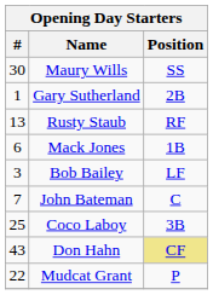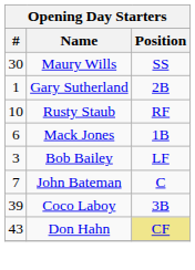 <table class="wikitable" style="text-align:center">
 <tr>
 <th colspan="3">Opening Day Starters</th>
 </tr>
 <tr>
 <th>#</th>
 <th>Name</th>
 <th>Position</th>
 </tr>
 <tr>
 <td>30</td>
 <td><a href='#'>Maury Wills</a></td>
 <td><a href='#'>SS</a></td>
 </tr>
 <tr>
 <td>1</td>
 <td><a href='#'>Gary Sutherland</a></td>
 <td><a href='#'>2B</a></td>
 </tr>
 <tr>
-<td>13</td>
+<td>10</td>
 <td><a href='#'>Rusty Staub</a></td>
 <td><a href='#'>RF</a></td>
 </tr>
 <tr>
 <td>6</td>
 <td><a href='#'>Mack Jones</a></td>
 <td><a href='#'>1B</a></td>
 </tr>
 <tr>
 <td>3</td>
 <td><a href='#'>Bob Bailey</a></td>
 <td><a href='#'>LF</a></td>
 </tr>
 <tr>
 <td>7</td>
 <td><a href='#'>John Bateman</a></td>
 <td><a href='#'>C</a></td>
 </tr>
 <tr>
-<td>25</td>
+<td>39</td>
 <td><a href='#'>Coco Laboy</a></td>
 <td><a href='#'>3B</a></td>
 </tr>
 <tr>
 <td>43</td>
 <td><a href='#'>Don Hahn</a></td>
 <td style="background: khaki;"><a href='#'>CF</a></td>
 </tr>
 <tr>
-<td>22</td>
-<td><a href='#'>Mudcat Grant</a></td>
-<td><a href='#'>P</a></td>
-</tr>
-<tr>
 </tr>
 </table>
